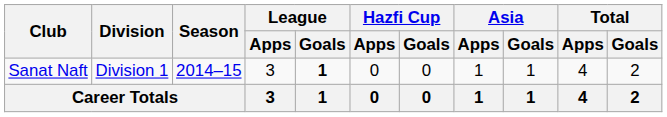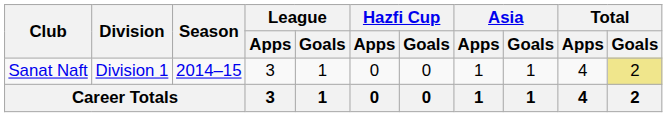 <table class="wikitable" style="text-align: center;">
 <tr>
 <th rowspan=2>Club</th>
 <th rowspan=2>Division</th>
 <th rowspan=2>Season</th>
 <th colspan=2>League</th>
 <th colspan=2><a href='#'>Hazfi Cup</a></th>
 <th colspan=2><a href='#'>Asia</a></th>
 <th colspan=2>Total</th>
 </tr>
 <tr>
 <th>Apps</th>
 <th>Goals</th>
 <th>Apps</th>
 <th>Goals</th>
 <th>Apps</th>
 <th>Goals</th>
 <th>Apps</th>
 <th>Goals</th>
 </tr>
 <tr>
 <td><a href='#'>Sanat Naft</a></td>
 <td><a href='#'>Division 1</a></td>
 <td><a href='#'>2014–15</a></td>
 <td>3</td>
-<td><strong>1</strong></td>
+<td>1</td>
 <td>0</td>
 <td>0</td>
 <td>1</td>
 <td>1</td>
 <td>4</td>
-<td>2</td>
+<td style="background: khaki;">2</td>
 </tr>
 <tr>
 <th colspan=3>Career Totals</th>
 <th>3</th>
 <th>1</th>
 <th>0</th>
 <th>0</th>
 <th>1</th>
 <th>1</th>
 <th>4</th>
 <th>2</th>
 </tr>
 </table>
